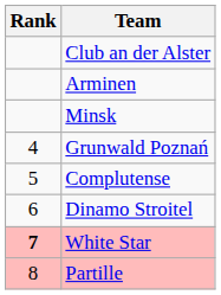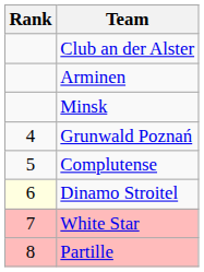 <table class=wikitable>
 <tr>
 <th>Rank</th>
 <th>Team</th>
 </tr>
 <tr>
 <td align=center></td>
 <td> <a href='#'>Club an der Alster</a></td>
 </tr>
 <tr>
 <td align=center></td>
 <td> <a href='#'>Arminen</a></td>
 </tr>
 <tr>
 <td align=center></td>
 <td> <a href='#'>Minsk</a></td>
 </tr>
 <tr>
 <td align=center>4</td>
 <td> <a href='#'>Grunwald Poznań</a></td>
 </tr>
 <tr>
 <td align=center>5</td>
 <td> <a href='#'>Complutense</a></td>
 </tr>
 <tr>
-<td align=center>6</td>
+<td align=center style="background: lightyellow;">6</td>
 <td> <a href='#'>Dinamo Stroitel</a></td>
 </tr>
 <tr bgcolor=ffbbbb>
-<td align=center><strong>7</strong></td>
+<td align=center>7</td>
 <td> <a href='#'>White Star</a></td>
 </tr>
 <tr bgcolor=ffbbbb>
 <td align=center>8</td>
 <td> <a href='#'>Partille</a></td>
 </tr>
 </table>
